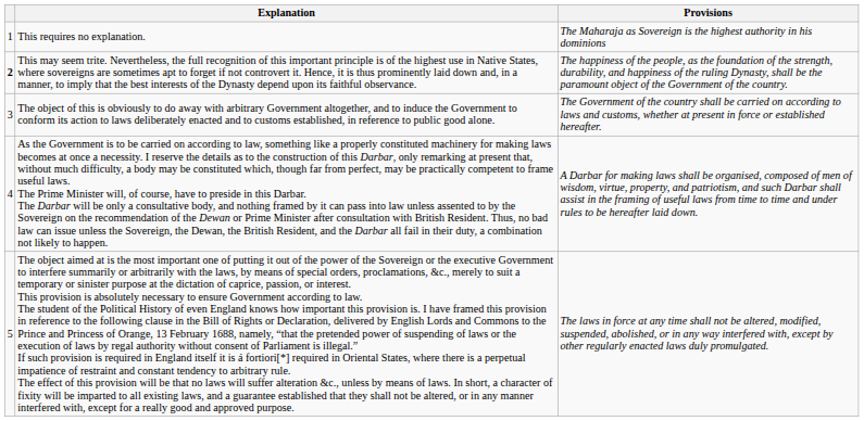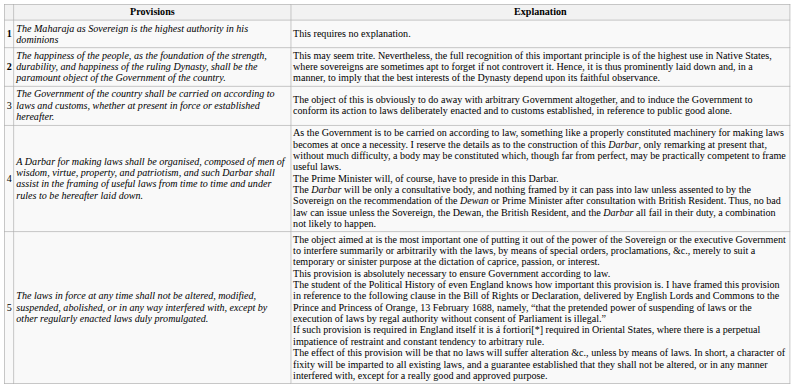 <table class="wikitable">
 <tr>
 <th></th>
+<th>Provisions</th>
 <th>Explanation</th>
-<th>Provisions</th>
 </tr>
 <tr>
-<td>1</td>
+<td><strong>1</strong></td>
+<td><em>The Maharaja as Sovereign is the highest authority in his dominions</em></td>
 <td>This requires no explanation.</td>
-<td><em>The Maharaja as Sovereign is the highest authority in his dominions</em></td>
 </tr>
 <tr>
 <td><strong>2</strong></td>
+<td><em>The happiness of the people, as the foundation of the strength, durability, and happiness of the ruling Dynasty, shall be the paramount object of the Government of the country.</em></td>
 <td>This may seem trite. Nevertheless, the full recognition of this important principle is of the highest use in Native States, where sovereigns are sometimes apt to forget if not controvert it. Hence, it is thus prominently laid down and, in a manner, to imply that the best interests of the Dynasty depend upon its faithful observance.</td>
-<td><em>The happiness of the people, as the foundation of the strength, durability, and happiness of the ruling Dynasty, shall be the paramount object of the Government of the country.</em></td>
 </tr>
 <tr>
 <td>3</td>
+<td><em>The Government of the country shall be carried on according to laws and customs, whether at present in force or established hereafter.</em></td>
 <td>The object of this is obviously to do away with arbitrary Government altogether, and to induce the Government to conform its action to laws deliberately enacted and to customs established, in reference to public good alone.</td>
-<td><em>The Government of the country shall be carried on according to laws and customs, whether at present in force or established hereafter.</em></td>
 </tr>
 <tr>
 <td>4</td>
+<td><em>A Darbar for making laws shall be organised, composed of men of wisdom, virtue, property, and patriotism, and such Darbar shall assist in the framing of useful laws from time to time and under rules to be hereafter laid down.</em></td>
 <td>As the Government is to be carried on according to law, something like a properly constituted machinery for making laws becomes at once a necessity. I reserve the details as to the construction of this <em>Darbar</em>, only remarking at present that, without much difficulty, a body may be constituted which, though far from perfect, may be practically competent to frame useful laws.<br>The Prime Minister will, of course, have to preside in this Darbar.<br>The <em>Darbar</em> will be only a consultative body, and nothing framed by it can pass into law unless assented to by the Sovereign on the recommendation of the <em>Dewan</em> or Prime Minister after consultation with British Resident. Thus, no bad law can issue unless the Sovereign, the Dewan, the British Resident, and the <em>Darbar</em> all fail in their duty, a combination not likely to happen.</td>
-<td><em>A Darbar for making laws shall be organised, composed of men of wisdom, virtue, property, and patriotism, and such Darbar shall assist in the framing of useful laws from time to time and under rules to be hereafter laid down.</em></td>
 </tr>
 <tr>
 <td>5</td>
+<td><em>The laws in force at any time shall not be altered, modified, suspended, abolished, or in any way interfered with, except by other regularly enacted laws duly promulgated.</em></td>
 <td>The object aimed at is the most important one of putting it out of the power of the Sovereign or the executive Government to interfere summarily or arbitrarily with the laws, by means of special orders, proclamations, &c., merely to suit a temporary or sinister purpose at the dictation of caprice, passion, or interest.<br>This provision is absolutely necessary to ensure Government according to law.<br>The student of the Political History of even England knows how important this provision is. I have framed this provision in reference to the following clause in the Bill of Rights or Declaration, delivered by English Lords and Commons to the Prince and Princess of Orange, 13 February 1688, namely, “that the pretended power of suspending of laws or the execution of laws by regal authority without consent of Parliament is illegal.”<br>If such provision is required in England itself it is á fortiori[*] required in Oriental States, where there is a perpetual impatience of restraint and constant tendency to arbitrary rule.<br>The effect of this provision will be that no laws will suffer alteration &c., unless by means of laws. In short, a character of fixity will be imparted to all existing laws, and a guarantee established that they shall not be altered, or in any manner interfered with, except for a really good and approved purpose.</td>
-<td><em>The laws in force at any time shall not be altered, modified, suspended, abolished, or in any way interfered with, except by other regularly enacted laws duly promulgated.</em></td>
 </tr>
 </table>
